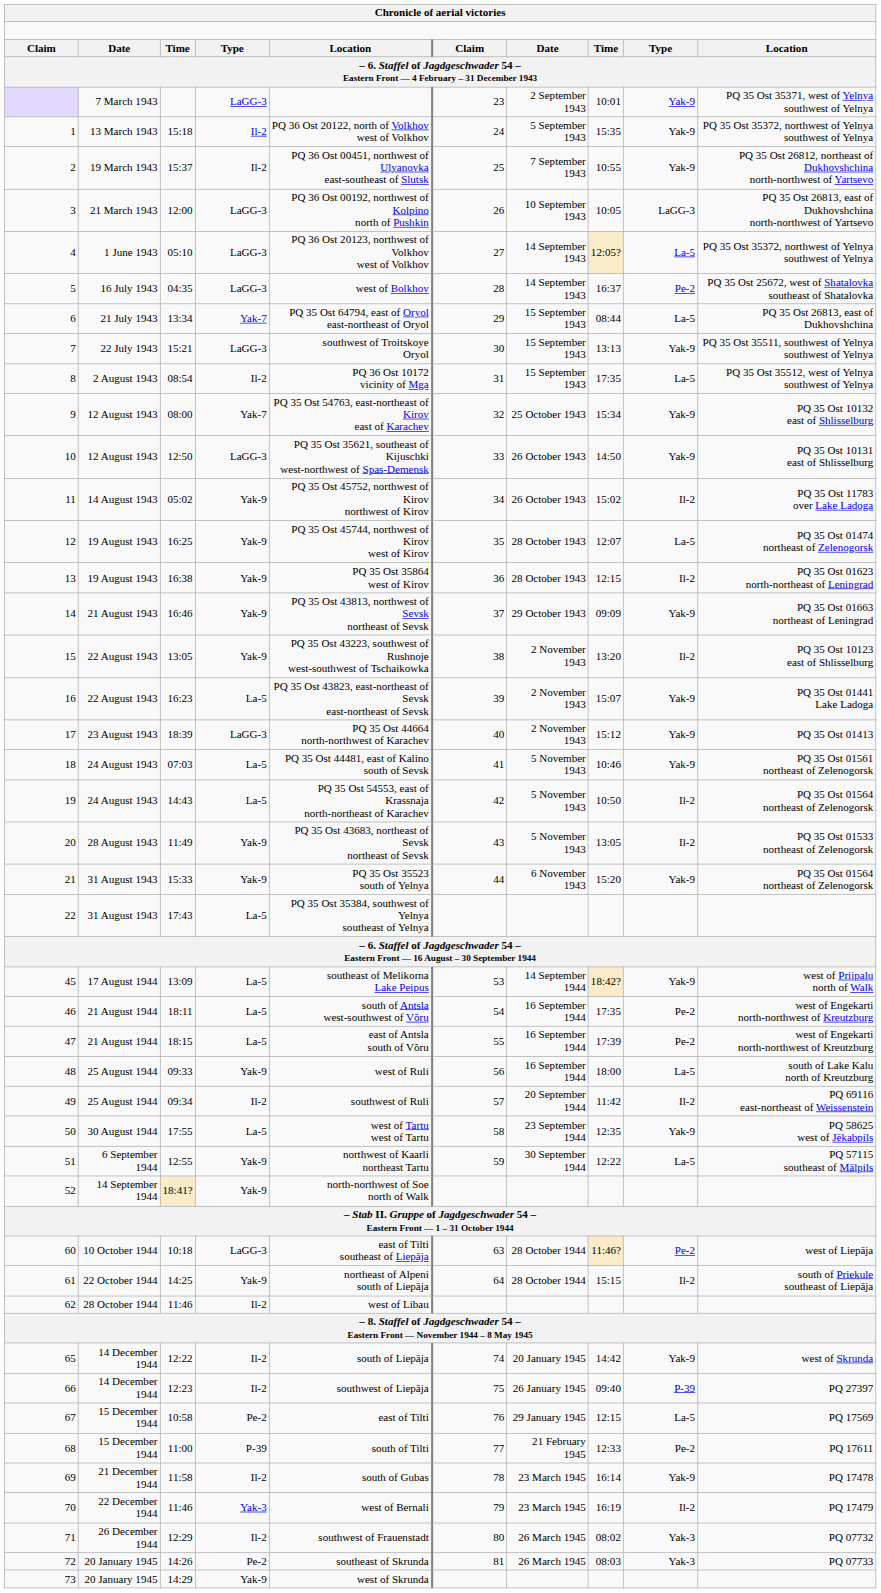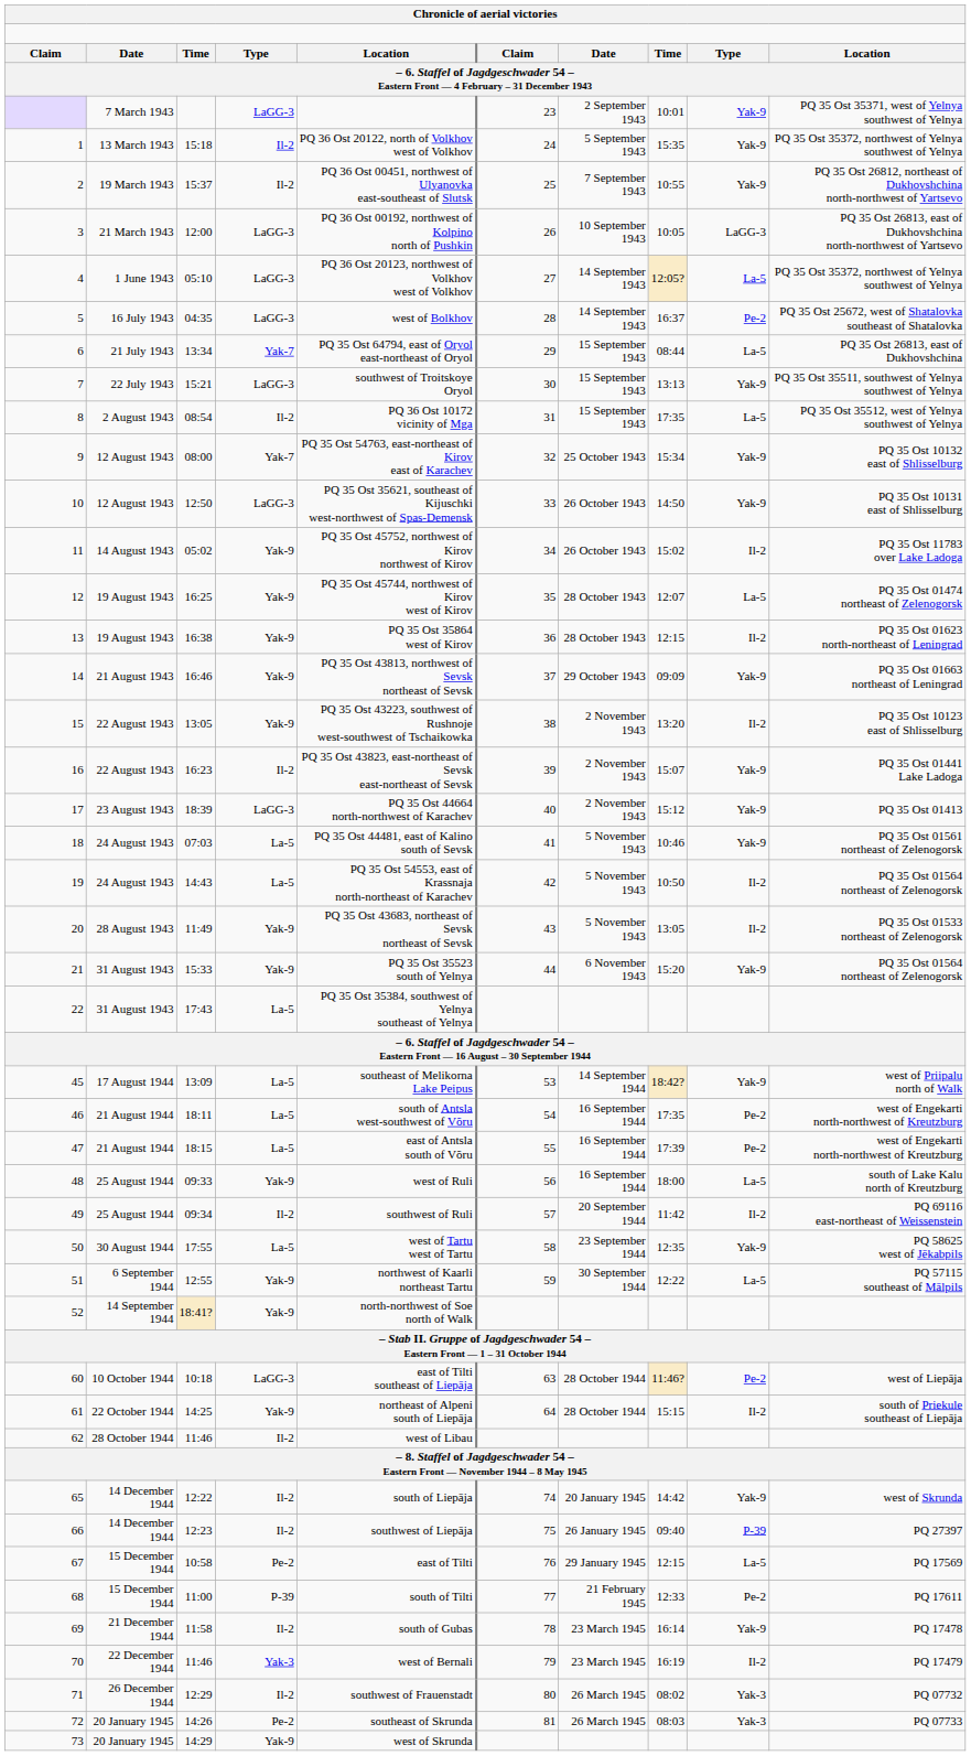 <table class="wikitable plainrowheaders collapsible" style="margin-left: auto; margin-right: auto; border: none; text-align:right; width: 100%;">
 <tr>
 <th colspan="10">Chronicle of aerial victories</th>
 </tr>
 <tr>
 <td colspan="10" style="text-align: left;"><br> </td>
 </tr>
 <tr>
 <th scope="col" width="100px">Claim</th>
 <th scope="col">Date</th>
 <th scope="col">Time</th>
 <th scope="col" width="100px">Type</th>
 <th scope="col">Location</th>
 <th scope="col" style="border-left: 3px solid grey;" width="100px">Claim</th>
 <th scope="col">Date</th>
 <th scope="col">Time</th>
 <th scope="col" width="100px">Type</th>
 <th scope="col">Location</th>
 </tr>
 <tr>
 <th colspan="10">– 6. <em>Staffel</em> of <em>Jagdgeschwader</em> 54 –<br><small>Eastern Front — 4 February – 31 December 1943</small></th>
 </tr>
 <tr>
 <td style="background:#e3d9ff;"></td>
 <td>7 March 1943</td>
 <td></td>
 <td><a href='#'>LaGG-3</a></td>
 <td></td>
 <td style="border-left: 3px solid grey;">23</td>
 <td>2 September 1943</td>
 <td>10:01</td>
 <td><a href='#'>Yak-9</a></td>
 <td>PQ 35 Ost 35371, west of <a href='#'>Yelnya</a><br> southwest of Yelnya</td>
 </tr>
 <tr>
 <td>1</td>
 <td>13 March 1943</td>
 <td>15:18</td>
 <td><a href='#'>Il-2</a></td>
 <td>PQ 36 Ost 20122, north of <a href='#'>Volkhov</a><br>west of Volkhov</td>
 <td style="border-left: 3px solid grey;">24</td>
 <td>5 September 1943</td>
 <td>15:35</td>
 <td>Yak-9</td>
 <td>PQ 35 Ost 35372, northwest of Yelnya<br> southwest of Yelnya</td>
 </tr>
 <tr>
 <td>2</td>
 <td>19 March 1943</td>
 <td>15:37</td>
 <td>Il-2</td>
 <td>PQ 36 Ost 00451, northwest of <a href='#'>Ulyanovka</a><br> east-southeast of <a href='#'>Slutsk</a></td>
 <td style="border-left: 3px solid grey;">25</td>
 <td>7 September 1943</td>
 <td>10:55</td>
 <td>Yak-9</td>
 <td>PQ 35 Ost 26812, northeast of <a href='#'>Dukhovshchina</a><br> north-northwest of <a href='#'>Yartsevo</a></td>
 </tr>
 <tr>
 <td>3</td>
 <td>21 March 1943</td>
 <td>12:00</td>
 <td>LaGG-3</td>
 <td>PQ 36 Ost 00192, northwest of <a href='#'>Kolpino</a><br> north of <a href='#'>Pushkin</a></td>
 <td style="border-left: 3px solid grey;">26</td>
 <td>10 September 1943</td>
 <td>10:05</td>
 <td>LaGG-3</td>
 <td>PQ 35 Ost 26813, east of Dukhovshchina<br> north-northwest of Yartsevo</td>
 </tr>
 <tr>
 <td>4</td>
 <td>1 June 1943</td>
 <td>05:10</td>
 <td>LaGG-3</td>
 <td>PQ 36 Ost 20123, northwest of Volkhov<br>west of Volkhov</td>
 <td style="border-left: 3px solid grey;">27</td>
 <td>14 September 1943</td>
 <td style="background:#faecc8">12:05?</td>
 <td><a href='#'>La-5</a></td>
 <td>PQ 35 Ost 35372, northwest of Yelnya<br> southwest of Yelnya</td>
 </tr>
 <tr>
 <td>5</td>
 <td>16 July 1943</td>
 <td>04:35</td>
 <td>LaGG-3</td>
 <td>west of <a href='#'>Bolkhov</a></td>
 <td style="border-left: 3px solid grey;">28</td>
 <td>14 September 1943</td>
 <td>16:37</td>
 <td><a href='#'>Pe-2</a></td>
 <td>PQ 35 Ost 25672, west of <a href='#'>Shatalovka</a><br> southeast of Shatalovka</td>
 </tr>
 <tr>
 <td>6</td>
 <td>21 July 1943</td>
 <td>13:34</td>
 <td><a href='#'>Yak-7</a></td>
 <td>PQ 35 Ost 64794, east of <a href='#'>Oryol</a><br> east-northeast of Oryol</td>
 <td style="border-left: 3px solid grey;">29</td>
 <td>15 September 1943</td>
 <td>08:44</td>
 <td>La-5</td>
 <td>PQ 35 Ost 26813, east of Dukhovshchina</td>
 </tr>
 <tr>
 <td>7</td>
 <td>22 July 1943</td>
 <td>15:21</td>
 <td>LaGG-3</td>
 <td>southwest of Troitskoye<br>Oryol</td>
 <td style="border-left: 3px solid grey;">30</td>
 <td>15 September 1943</td>
 <td>13:13</td>
 <td>Yak-9</td>
 <td>PQ 35 Ost 35511, southwest of Yelnya<br> southwest of Yelnya</td>
 </tr>
 <tr>
 <td>8</td>
 <td>2 August 1943</td>
 <td>08:54</td>
 <td>Il-2</td>
 <td>PQ 36 Ost 10172<br>vicinity of <a href='#'>Mga</a></td>
 <td style="border-left: 3px solid grey;">31</td>
 <td>15 September 1943</td>
 <td>17:35</td>
 <td>La-5</td>
 <td>PQ 35 Ost 35512, west of Yelnya<br> southwest of Yelnya</td>
 </tr>
 <tr>
 <td>9</td>
 <td>12 August 1943</td>
 <td>08:00</td>
 <td>Yak-7</td>
 <td>PQ 35 Ost 54763, east-northeast of <a href='#'>Kirov</a><br> east of <a href='#'>Karachev</a></td>
 <td style="border-left: 3px solid grey;">32</td>
 <td>25 October 1943</td>
 <td>15:34</td>
 <td>Yak-9</td>
 <td>PQ 35 Ost 10132<br>east of <a href='#'>Shlisselburg</a></td>
 </tr>
 <tr>
 <td>10</td>
 <td>12 August 1943</td>
 <td>12:50</td>
 <td>LaGG-3</td>
 <td>PQ 35 Ost 35621, southeast of Kijuschki<br> west-northwest of <a href='#'>Spas-Demensk</a></td>
 <td style="border-left: 3px solid grey;">33</td>
 <td>26 October 1943</td>
 <td>14:50</td>
 <td>Yak-9</td>
 <td>PQ 35 Ost 10131<br>east of Shlisselburg</td>
 </tr>
 <tr>
 <td>11</td>
 <td>14 August 1943</td>
 <td>05:02</td>
 <td>Yak-9</td>
 <td>PQ 35 Ost 45752, northwest of Kirov<br> northwest of Kirov</td>
 <td style="border-left: 3px solid grey;">34</td>
 <td>26 October 1943</td>
 <td>15:02</td>
 <td>Il-2</td>
 <td>PQ 35 Ost 11783<br>over <a href='#'>Lake Ladoga</a></td>
 </tr>
 <tr>
 <td>12</td>
 <td>19 August 1943</td>
 <td>16:25</td>
 <td>Yak-9</td>
 <td>PQ 35 Ost 45744, northwest of Kirov<br> west of Kirov</td>
 <td style="border-left: 3px solid grey;">35</td>
 <td>28 October 1943</td>
 <td>12:07</td>
 <td>La-5</td>
 <td>PQ 35 Ost 01474<br> northeast of <a href='#'>Zelenogorsk</a></td>
 </tr>
 <tr>
 <td>13</td>
 <td>19 August 1943</td>
 <td>16:38</td>
 <td>Yak-9</td>
 <td>PQ 35 Ost 35864<br> west of Kirov</td>
 <td style="border-left: 3px solid grey;">36</td>
 <td>28 October 1943</td>
 <td>12:15</td>
 <td>Il-2</td>
 <td>PQ 35 Ost 01623<br> north-northeast of <a href='#'>Leningrad</a></td>
 </tr>
 <tr>
 <td>14</td>
 <td>21 August 1943</td>
 <td>16:46</td>
 <td>Yak-9</td>
 <td>PQ 35 Ost 43813, northwest of <a href='#'>Sevsk</a><br> northeast of Sevsk</td>
 <td style="border-left: 3px solid grey;">37</td>
 <td>29 October 1943</td>
 <td>09:09</td>
 <td>Yak-9</td>
 <td>PQ 35 Ost 01663<br> northeast of Leningrad</td>
 </tr>
 <tr>
 <td>15</td>
 <td>22 August 1943</td>
 <td>13:05</td>
 <td>Yak-9</td>
 <td>PQ 35 Ost 43223, southwest of Rushnoje<br> west-southwest of Tschaikowka</td>
 <td style="border-left: 3px solid grey;">38</td>
 <td>2 November 1943</td>
 <td>13:20</td>
 <td>Il-2</td>
 <td>PQ 35 Ost 10123<br>east of Shlisselburg</td>
 </tr>
 <tr>
 <td>16</td>
 <td>22 August 1943</td>
 <td>16:23</td>
-<td>La-5</td>
+<td>Il-2</td>
 <td>PQ 35 Ost 43823, east-northeast of Sevsk<br> east-northeast of Sevsk</td>
 <td style="border-left: 3px solid grey;">39</td>
 <td>2 November 1943</td>
 <td>15:07</td>
 <td>Yak-9</td>
 <td>PQ 35 Ost 01441<br>Lake Ladoga</td>
 </tr>
 <tr>
 <td>17</td>
 <td>23 August 1943</td>
 <td>18:39</td>
 <td>LaGG-3</td>
 <td>PQ 35 Ost 44664<br> north-northwest of Karachev</td>
 <td style="border-left: 3px solid grey;">40</td>
 <td>2 November 1943</td>
 <td>15:12</td>
 <td>Yak-9</td>
 <td>PQ 35 Ost 01413</td>
 </tr>
 <tr>
 <td>18</td>
 <td>24 August 1943</td>
 <td>07:03</td>
 <td>La-5</td>
 <td>PQ 35 Ost 44481, east of Kalino<br> south of Sevsk</td>
 <td style="border-left: 3px solid grey;">41</td>
 <td>5 November 1943</td>
 <td>10:46</td>
 <td>Yak-9</td>
 <td>PQ 35 Ost 01561<br> northeast of Zelenogorsk</td>
 </tr>
 <tr>
 <td>19</td>
 <td>24 August 1943</td>
 <td>14:43</td>
 <td>La-5</td>
 <td>PQ 35 Ost 54553, east of Krassnaja<br> north-northeast of Karachev</td>
 <td style="border-left: 3px solid grey;">42</td>
 <td>5 November 1943</td>
 <td>10:50</td>
 <td>Il-2</td>
 <td>PQ 35 Ost 01564<br> northeast of Zelenogorsk</td>
 </tr>
 <tr>
 <td>20</td>
 <td>28 August 1943</td>
 <td>11:49</td>
 <td>Yak-9</td>
 <td>PQ 35 Ost 43683, northeast of Sevsk<br> northeast of Sevsk</td>
 <td style="border-left: 3px solid grey;">43</td>
 <td>5 November 1943</td>
 <td>13:05</td>
 <td>Il-2</td>
 <td>PQ 35 Ost 01533<br> northeast of Zelenogorsk</td>
 </tr>
 <tr>
 <td>21</td>
 <td>31 August 1943</td>
 <td>15:33</td>
 <td>Yak-9</td>
 <td>PQ 35 Ost 35523<br> south of Yelnya</td>
 <td style="border-left: 3px solid grey;">44</td>
 <td>6 November 1943</td>
 <td>15:20</td>
 <td>Yak-9</td>
 <td>PQ 35 Ost 01564<br> northeast of Zelenogorsk</td>
 </tr>
 <tr>
 <td>22</td>
 <td>31 August 1943</td>
 <td>17:43</td>
 <td>La-5</td>
 <td>PQ 35 Ost 35384, southwest of Yelnya<br> southeast of Yelnya</td>
 <td style="border-left: 3px solid grey;"></td>
 <td></td>
 <td></td>
 <td></td>
 <td></td>
 </tr>
 <tr>
 <th colspan="10">– 6. <em>Staffel</em> of <em>Jagdgeschwader</em> 54 –<br><small>Eastern Front — 16 August – 30 September 1944</small></th>
 </tr>
 <tr>
 <td>45</td>
 <td>17 August 1944</td>
 <td>13:09</td>
 <td>La-5</td>
 <td>southeast of Melikorna<br><a href='#'>Lake Peipus</a></td>
 <td style="border-left: 3px solid grey;">53</td>
 <td>14 September 1944</td>
 <td style="background:#faecc8">18:42?</td>
 <td>Yak-9</td>
 <td>west of <a href='#'>Priipalu</a><br> north of <a href='#'>Walk</a></td>
 </tr>
 <tr>
 <td>46</td>
 <td>21 August 1944</td>
 <td>18:11</td>
 <td>La-5</td>
 <td>south of <a href='#'>Antsla</a><br> west-southwest of <a href='#'>Võru</a></td>
 <td style="border-left: 3px solid grey;">54</td>
 <td>16 September 1944</td>
 <td>17:35</td>
 <td>Pe-2</td>
 <td>west of Engekarti<br> north-northwest of <a href='#'>Kreutzburg</a></td>
 </tr>
 <tr>
 <td>47</td>
 <td>21 August 1944</td>
 <td>18:15</td>
 <td>La-5</td>
 <td>east of Antsla<br>south of Võru</td>
 <td style="border-left: 3px solid grey;">55</td>
 <td>16 September 1944</td>
 <td>17:39</td>
 <td>Pe-2</td>
 <td>west of Engekarti<br> north-northwest of Kreutzburg</td>
 </tr>
 <tr>
 <td>48</td>
 <td>25 August 1944</td>
 <td>09:33</td>
 <td>Yak-9</td>
 <td>west of Ruli</td>
 <td style="border-left: 3px solid grey;">56</td>
 <td>16 September 1944</td>
 <td>18:00</td>
 <td>La-5</td>
 <td>south of Lake Kalu<br> north of Kreutzburg</td>
 </tr>
 <tr>
 <td>49</td>
 <td>25 August 1944</td>
 <td>09:34</td>
 <td>Il-2</td>
 <td>southwest of Ruli</td>
 <td style="border-left: 3px solid grey;">57</td>
 <td>20 September 1944</td>
 <td>11:42</td>
 <td>Il-2</td>
 <td>PQ 69116<br> east-northeast of <a href='#'>Weissenstein</a></td>
 </tr>
 <tr>
 <td>50</td>
 <td>30 August 1944</td>
 <td>17:55</td>
 <td>La-5</td>
 <td>west of <a href='#'>Tartu</a><br> west of Tartu</td>
 <td style="border-left: 3px solid grey;">58</td>
 <td>23 September 1944</td>
 <td>12:35</td>
 <td>Yak-9</td>
 <td>PQ 58625<br>west of <a href='#'>Jēkabpils</a></td>
 </tr>
 <tr>
 <td>51</td>
 <td>6 September 1944</td>
 <td>12:55</td>
 <td>Yak-9</td>
 <td>northwest of Kaarli<br>northeast Tartu</td>
 <td style="border-left: 3px solid grey;">59</td>
 <td>30 September 1944</td>
 <td>12:22</td>
 <td>La-5</td>
 <td>PQ 57115<br> southeast of <a href='#'>Mālpils</a></td>
 </tr>
 <tr>
 <td>52</td>
 <td>14 September 1944</td>
 <td style="background:#faecc8">18:41?</td>
 <td>Yak-9</td>
 <td>north-northwest of Soe<br> north of Walk</td>
 <td style="border-left: 3px solid grey;"></td>
 <td></td>
 <td></td>
 <td></td>
 <td></td>
 </tr>
 <tr>
 <th colspan="10">– <em>Stab</em> II. <em>Gruppe</em> of <em>Jagdgeschwader</em> 54 –<br><small>Eastern Front — 1 – 31 October 1944</small></th>
 </tr>
 <tr>
 <td>60</td>
 <td>10 October 1944</td>
 <td>10:18</td>
 <td>LaGG-3</td>
 <td>east of Tilti<br> southeast of <a href='#'>Liepāja</a></td>
 <td style="border-left: 3px solid grey;">63</td>
 <td>28 October 1944</td>
 <td style="background:#faecc8">11:46?</td>
 <td><a href='#'>Pe-2</a></td>
 <td>west of Liepāja</td>
 </tr>
 <tr>
 <td>61</td>
 <td>22 October 1944</td>
 <td>14:25</td>
 <td>Yak-9</td>
 <td>northeast of Alpeni<br> south of Liepāja</td>
 <td style="border-left: 3px solid grey;">64</td>
 <td>28 October 1944</td>
 <td>15:15</td>
 <td>Il-2</td>
 <td>south of <a href='#'>Priekule</a><br> southeast of Liepāja</td>
 </tr>
 <tr>
 <td>62</td>
 <td>28 October 1944</td>
 <td>11:46</td>
 <td>Il-2</td>
 <td>west of Libau</td>
 <td style="border-left: 3px solid grey;"></td>
 <td></td>
 <td></td>
 <td></td>
 <td></td>
 </tr>
 <tr>
 <th colspan="10">– 8. <em>Staffel</em> of <em>Jagdgeschwader</em> 54 –<br><small>Eastern Front — November 1944 – 8 May 1945</small></th>
 </tr>
 <tr>
 <td>65</td>
 <td>14 December 1944</td>
 <td>12:22</td>
 <td>Il-2</td>
 <td>south of Liepāja</td>
 <td style="border-left: 3px solid grey;">74</td>
 <td>20 January 1945</td>
 <td>14:42</td>
 <td>Yak-9</td>
 <td>west of <a href='#'>Skrunda</a></td>
 </tr>
 <tr>
 <td>66</td>
 <td>14 December 1944</td>
 <td>12:23</td>
 <td>Il-2</td>
 <td>southwest of Liepāja</td>
 <td style="border-left: 3px solid grey;">75</td>
 <td>26 January 1945</td>
 <td>09:40</td>
 <td><a href='#'>P-39</a></td>
 <td>PQ 27397</td>
 </tr>
 <tr>
 <td>67</td>
 <td>15 December 1944</td>
 <td>10:58</td>
 <td>Pe-2</td>
 <td>east of Tilti</td>
 <td style="border-left: 3px solid grey;">76</td>
 <td>29 January 1945</td>
 <td>12:15</td>
 <td>La-5</td>
 <td>PQ 17569</td>
 </tr>
 <tr>
 <td>68</td>
 <td>15 December 1944</td>
 <td>11:00</td>
 <td>P-39</td>
 <td>south of Tilti</td>
 <td style="border-left: 3px solid grey;">77</td>
 <td>21 February 1945</td>
 <td>12:33</td>
 <td>Pe-2</td>
 <td>PQ 17611</td>
 </tr>
 <tr>
 <td>69</td>
 <td>21 December 1944</td>
 <td>11:58</td>
 <td>Il-2</td>
 <td>south of Gubas</td>
 <td style="border-left: 3px solid grey;">78</td>
 <td>23 March 1945</td>
 <td>16:14</td>
 <td>Yak-9</td>
 <td>PQ 17478</td>
 </tr>
 <tr>
 <td>70</td>
 <td>22 December 1944</td>
 <td>11:46</td>
 <td><a href='#'>Yak-3</a></td>
 <td>west of Bernali</td>
 <td style="border-left: 3px solid grey;">79</td>
 <td>23 March 1945</td>
 <td>16:19</td>
 <td>Il-2</td>
 <td>PQ 17479</td>
 </tr>
 <tr>
 <td>71</td>
 <td>26 December 1944</td>
 <td>12:29</td>
 <td>Il-2</td>
 <td>southwest of Frauenstadt</td>
 <td style="border-left: 3px solid grey;">80</td>
 <td>26 March 1945</td>
 <td>08:02</td>
 <td>Yak-3</td>
 <td>PQ 07732</td>
 </tr>
 <tr>
 <td>72</td>
 <td>20 January 1945</td>
 <td>14:26</td>
 <td>Pe-2</td>
 <td>southeast of Skrunda</td>
 <td style="border-left: 3px solid grey;">81</td>
 <td>26 March 1945</td>
 <td>08:03</td>
 <td>Yak-3</td>
 <td>PQ 07733</td>
 </tr>
 <tr>
 <td>73</td>
 <td>20 January 1945</td>
 <td>14:29</td>
 <td>Yak-9</td>
 <td>west of Skrunda</td>
 <td style="border-left: 3px solid grey;"></td>
 <td></td>
 <td></td>
 <td></td>
 <td></td>
 </tr>
 </table>
